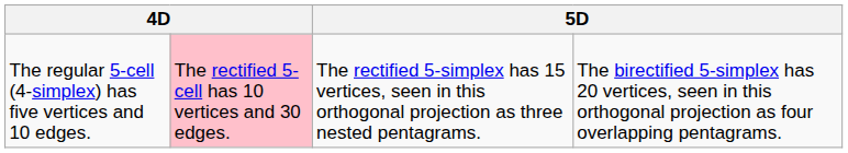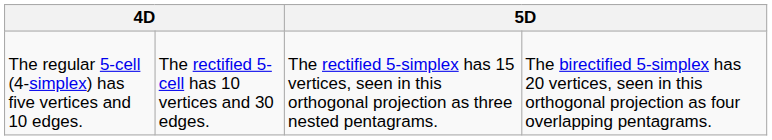 <table class=wikitable width=720>
 <tr>
 <th colspan=2>4D</th>
 <th colspan=2>5D</th>
 </tr>
 <tr>
 <td><br>The regular <a href='#'>5-cell</a> (4-<a href='#'>simplex</a>) has five vertices and 10 edges.</td>
-<td style="background: pink;"><br>The <a href='#'>rectified 5-cell</a> has 10 vertices and 30 edges.</td>
+<td><br>The <a href='#'>rectified 5-cell</a> has 10 vertices and 30 edges.</td>
 <td><br>The <a href='#'>rectified 5-simplex</a> has 15 vertices, seen in this orthogonal projection as three nested pentagrams.</td>
 <td><br>The <a href='#'>birectified 5-simplex</a> has 20 vertices, seen in this orthogonal projection as four overlapping pentagrams.</td>
 </tr>
 </table>
